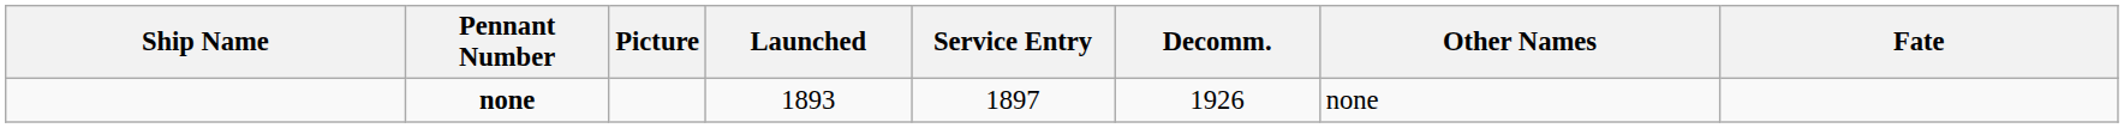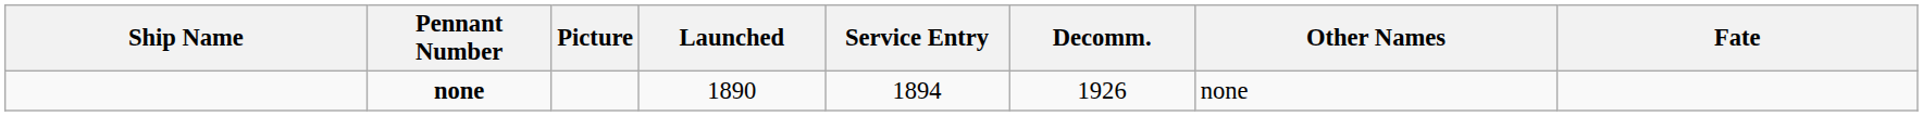 <table class="wikitable">
 <tr>
 <th width="20%">Ship Name</th>
 <th width="10%">Pennant Number</th>
 <th>Picture</th>
 <th width="10%">Launched</th>
 <th width="10%">Service Entry</th>
 <th width="10%">Decomm.</th>
 <th width="20%">Other Names</th>
 <th width="20%">Fate</th>
 </tr>
 <tr>
 <td align="left"></td>
 <td align="center"><strong>none</strong></td>
 <td></td>
-<td align="center">1893</td>
-<td align="center">1897</td>
+<td align="center">1890</td>
+<td align="center">1894</td>
 <td align="center">1926</td>
 <td align="left">none</td>
 <td align="left"></td>
 </tr>
 </table>
